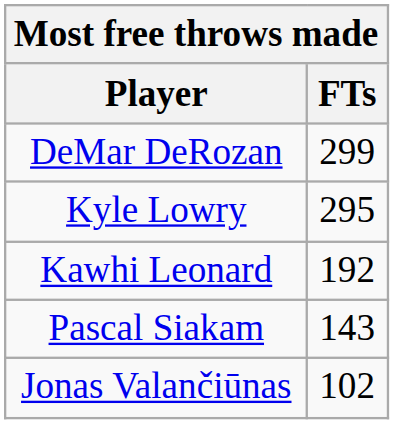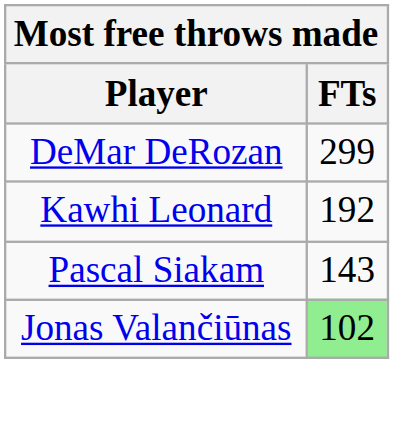 <table class="wikitable sortable" style="text-align:center">
 <tr>
 <th colspan="2">Most free throws made</th>
 </tr>
 <tr>
 <th>Player</th>
 <th>FTs</th>
 </tr>
 <tr>
 <td><a href='#'>DeMar DeRozan</a></td>
 <td>299</td>
 </tr>
 <tr>
-<td><a href='#'>Kyle Lowry</a></td>
-<td>295</td>
-</tr>
-<tr>
 <td><a href='#'>Kawhi Leonard</a></td>
 <td>192</td>
 </tr>
 <tr>
 <td><a href='#'>Pascal Siakam</a></td>
 <td>143</td>
 </tr>
 <tr>
 <td><a href='#'>Jonas Valančiūnas</a></td>
-<td>102</td>
+<td style="background: lightgreen;">102</td>
 </tr>
 </table>
